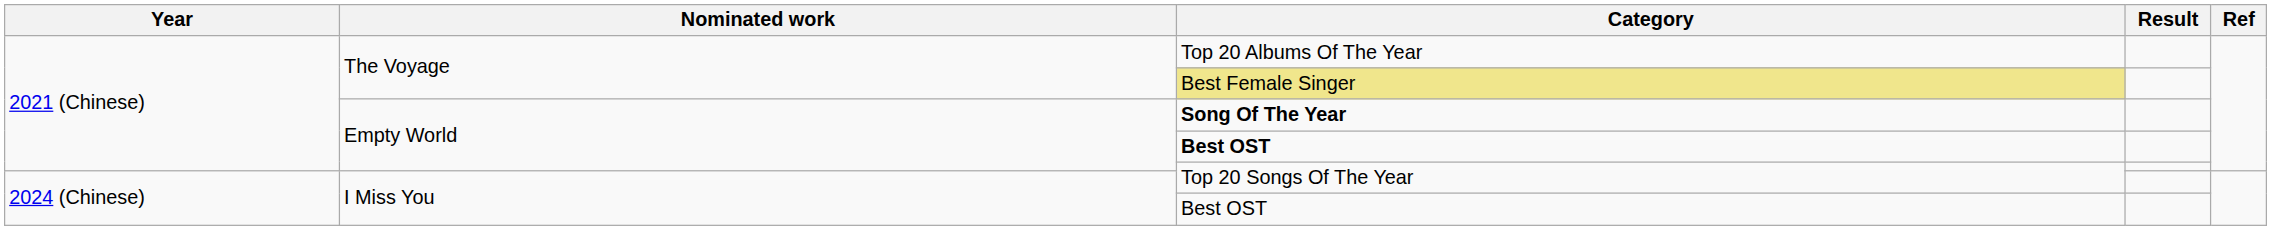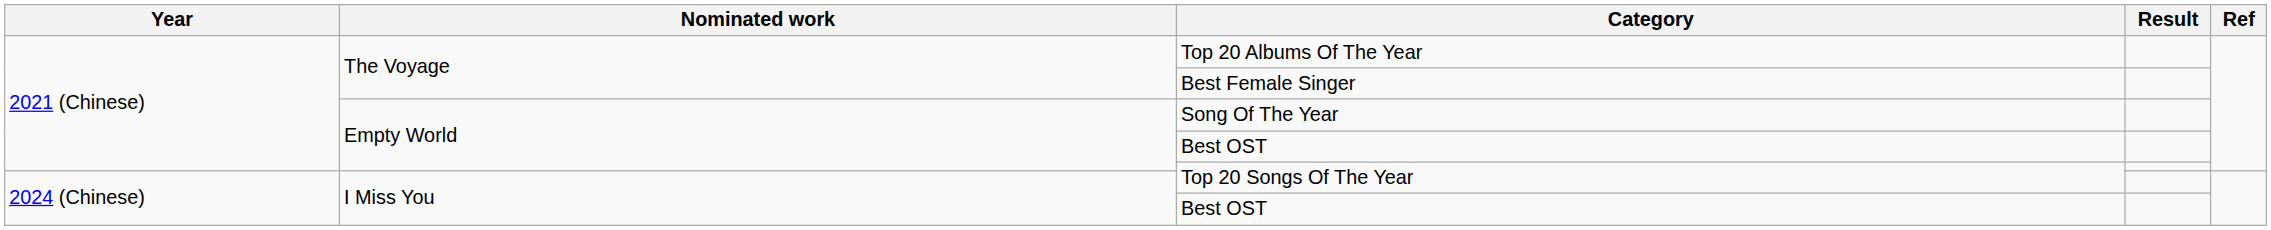 <table class="wikitable"  width="92%">
 <tr>
 <th width="12%">Year</th>
 <th width="30%">Nominated work</th>
 <th width="34%">Category</th>
 <th width="3%">Result</th>
 <th width="2%">Ref</th>
 </tr>
 <tr>
 <td rowspan=5><a href='#'>2021</a> (Chinese)</td>
 <td rowspan=2>The Voyage</td>
 <td>Top 20 Albums Of The Year</td>
 <td></td>
 <td rowspan=5></td>
 </tr>
 <tr>
-<td style="background: khaki;">Best Female Singer</td>
+<td>Best Female Singer</td>
 <td></td>
 </tr>
 <tr>
 <td rowspan=3>Empty World</td>
-<td><strong>Song Of The Year</strong></td>
+<td>Song Of The Year</td>
 <td></td>
 </tr>
 <tr>
-<td><strong>Best OST</strong></td>
+<td>Best OST</td>
 <td></td>
 </tr>
 <tr>
 <td rowspan=2>Top 20 Songs Of The Year</td>
 <td></td>
 </tr>
 <tr>
 <td rowspan=2><a href='#'>2024</a> (Chinese)</td>
 <td rowspan=2>I Miss You</td>
 <td></td>
 </tr>
 <tr>
 <td>Best OST</td>
 <td></td>
 </tr>
 </table>
